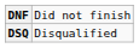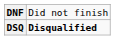 <table class="wikitable">
 <tr>
 <th scope="row">DNF</th>
 <td>Did not finish</td>
 </tr>
 <tr>
 <th scope="row">DSQ</th>
-<td>Disqualified</td>
+<td><strong>Disqualified</strong></td>
 </tr>
 </table>
